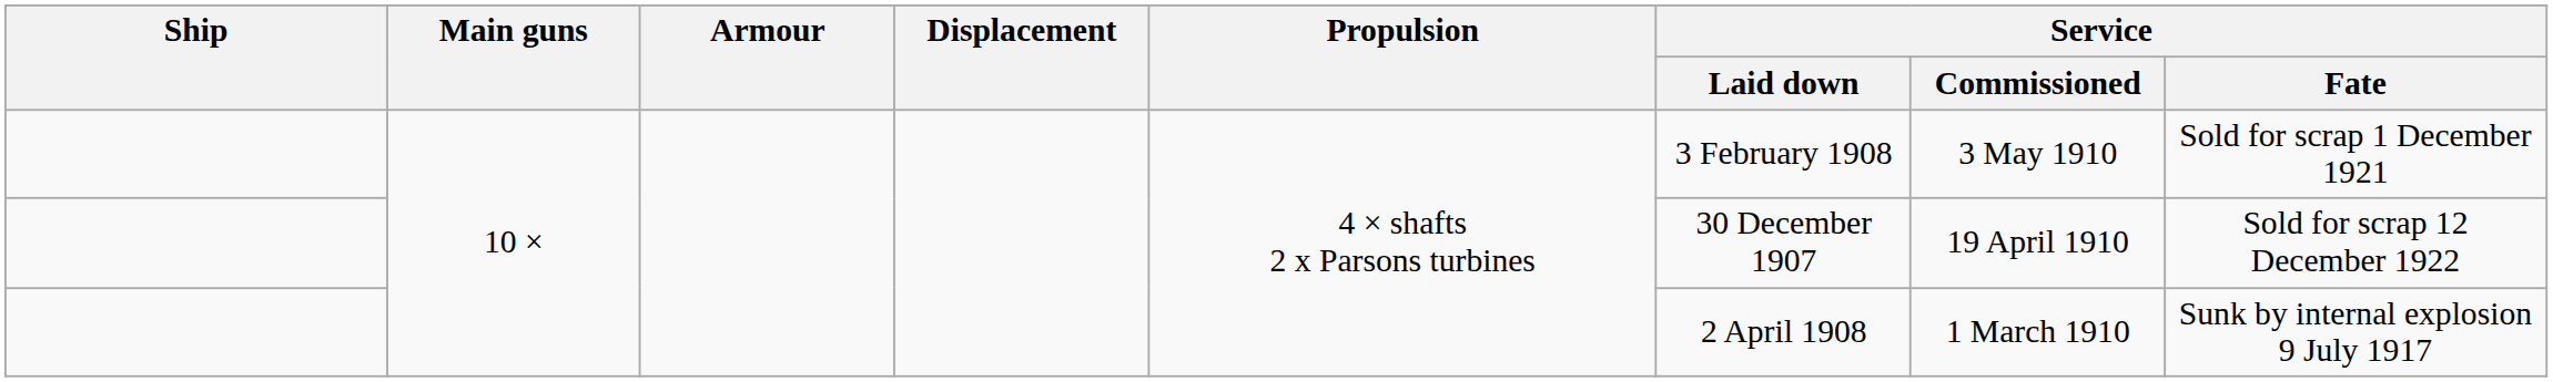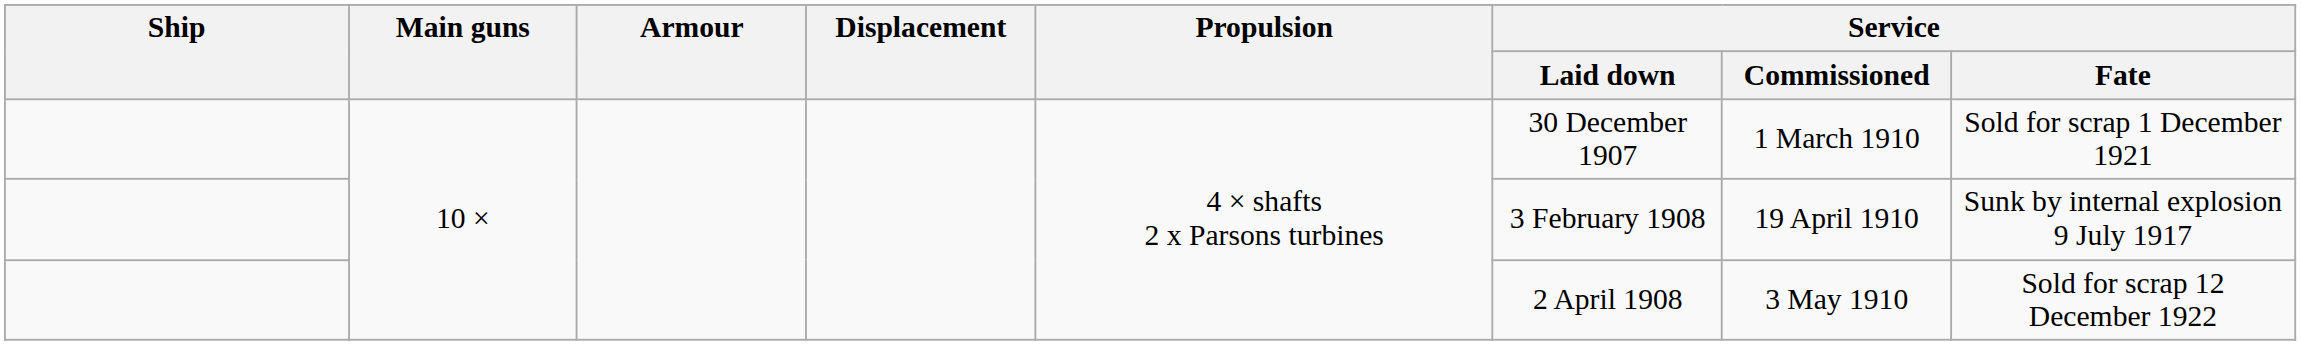 <table class="wikitable" style="width:98%;">
 <tr valign="top"|- valign="top">
 <th style="width:15%; text-align:center;" rowspan="2">Ship</th>
 <th style="width:10%; text-align:center;" rowspan="2">Main guns</th>
 <th style="width:10%; text-align:center;" rowspan="2">Armour</th>
 <th style="width:10%; text-align:center;" rowspan="2">Displacement</th>
 <th style="width:20%; text-align:center;" rowspan="2">Propulsion</th>
 <th style="width:40%; text-align:center;" colspan="3">Service</th>
 </tr>
 <tr valign="top">
 <th style="width:10%; text-align:center;">Laid down</th>
 <th style="width:10%; text-align:center;">Commissioned</th>
 <th style="width:20%; text-align:center;">Fate</th>
 </tr>
 <tr valign="center">
 <td align= center></td>
 <td style="text-align:center;" rowspan=3>10 × </td>
 <td style="text-align:center;" rowspan=3></td>
 <td style="text-align:center;" rowspan=3></td>
 <td align= center rowspan=3>4 × shafts<br>2 x Parsons turbines<br></td>
-<td style="text-align:center;">3 February 1908</td>
-<td style="text-align:center;">3 May 1910</td>
+<td style="text-align:center;">30 December 1907</td>
+<td style="text-align:center;">1 March 1910</td>
 <td align= center>Sold for scrap 1 December 1921</td>
 </tr>
 <tr valign="center">
 <td align= center></td>
-<td style="text-align:center;">30 December 1907</td>
+<td style="text-align:center;">3 February 1908</td>
 <td style="text-align:center;">19 April 1910</td>
-<td align= center>Sold for scrap 12 December 1922</td>
+<td align= center>Sunk by internal explosion 9 July 1917</td>
 </tr>
 <tr valign="center">
 <td align= center></td>
 <td style="text-align:center;">2 April 1908</td>
-<td style="text-align:center;">1 March 1910</td>
-<td align= center>Sunk by internal explosion 9 July 1917</td>
+<td style="text-align:center;">3 May 1910</td>
+<td align= center>Sold for scrap 12 December 1922</td>
 </tr>
 </table>
